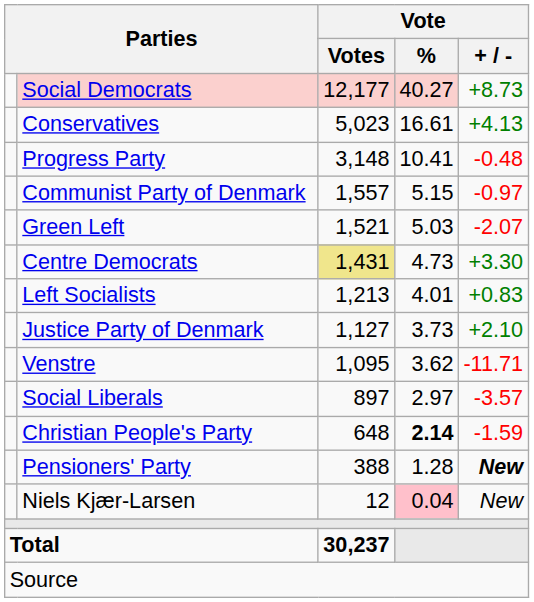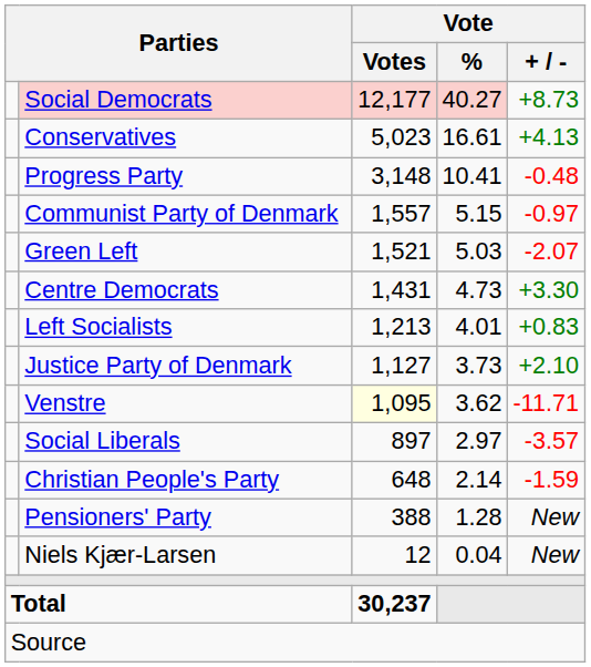 <table class="wikitable" style="text-align:right;">
 <tr>
 <th style="text-align:centre;" rowspan="2" colspan="2" width="225">Parties</th>
 <th colspan="3">Vote</th>
 </tr>
 <tr>
 <th width="15">Votes</th>
 <th width="15">%</th>
 <th width="15">+ / -</th>
 </tr>
 <tr>
 <td width="2" style="color:inherit;background:"></td>
 <td bgcolor=#fbd0ce  align="left"><a href='#'>Social Democrats</a></td>
 <td bgcolor=#fbd0ce>12,177</td>
 <td bgcolor=#fbd0ce>40.27</td>
 <td style=color:green;>+8.73</td>
 </tr>
 <tr>
 <td width="2" style="color:inherit;background:"></td>
 <td align="left"><a href='#'>Conservatives</a></td>
 <td>5,023</td>
 <td>16.61</td>
 <td style=color:green;>+4.13</td>
 </tr>
 <tr>
 <td width="2" style="color:inherit;background:"></td>
 <td align="left"><a href='#'>Progress Party</a></td>
 <td>3,148</td>
 <td>10.41</td>
 <td style=color:red;>-0.48</td>
 </tr>
 <tr>
 <td width="2" style="color:inherit;background:"></td>
 <td align="left"><a href='#'>Communist Party of Denmark</a></td>
 <td>1,557</td>
 <td>5.15</td>
 <td style=color:red;>-0.97</td>
 </tr>
 <tr>
 <td width="2" style="color:inherit;background:"></td>
 <td align="left"><a href='#'>Green Left</a></td>
 <td>1,521</td>
 <td>5.03</td>
 <td style=color:red;>-2.07</td>
 </tr>
 <tr>
 <td width="2" style="color:inherit;background:"></td>
 <td align="left"><a href='#'>Centre Democrats</a></td>
-<td style="background: khaki;">1,431</td>
+<td>1,431</td>
 <td>4.73</td>
 <td style=color:green;>+3.30</td>
 </tr>
 <tr>
 <td width="2" style="color:inherit;background:"></td>
 <td align="left"><a href='#'>Left Socialists</a></td>
 <td>1,213</td>
 <td>4.01</td>
 <td style=color:green;>+0.83</td>
 </tr>
 <tr>
 <td width="2" style="color:inherit;background:"></td>
 <td align="left"><a href='#'>Justice Party of Denmark</a></td>
 <td>1,127</td>
 <td>3.73</td>
 <td style=color:green;>+2.10</td>
 </tr>
 <tr>
 <td width="2" style="color:inherit;background:"></td>
 <td align="left"><a href='#'>Venstre</a></td>
-<td>1,095</td>
+<td style="background: lightyellow;">1,095</td>
 <td>3.62</td>
 <td style=color:red;>-11.71</td>
 </tr>
 <tr>
 <td width="2" style="color:inherit;background:"></td>
 <td align="left"><a href='#'>Social Liberals</a></td>
 <td>897</td>
 <td>2.97</td>
 <td style=color:red;>-3.57</td>
 </tr>
 <tr>
 <td width="2" style="color:inherit;background:"></td>
 <td align="left"><a href='#'>Christian People's Party</a></td>
 <td>648</td>
-<td><strong>2.14</strong></td>
+<td>2.14</td>
 <td style=color:red;>-1.59</td>
 </tr>
 <tr>
 <td width="2" style="color:inherit;background:"></td>
 <td align="left"><a href='#'>Pensioners' Party</a></td>
 <td>388</td>
 <td>1.28</td>
-<td><strong><em>New</em></strong></td>
+<td><em>New</em></td>
 </tr>
 <tr>
 <td width="2" style="color:inherit;background:"></td>
 <td align="left">Niels Kjær-Larsen</td>
 <td>12</td>
-<td style="background: pink;">0.04</td>
+<td>0.04</td>
 <td><em>New</em></td>
 </tr>
 <tr>
 <td colspan="7" bgcolor="#E9E9E9"></td>
 </tr>
 <tr>
 <td align="left" colspan="2"><strong>Total</strong></td>
 <td><strong>30,237</strong></td>
 <td bgcolor="#E9E9E9" colspan="2"></td>
 </tr>
 <tr>
 <td align="left" colspan="6">Source</td>
 </tr>
 </table>
